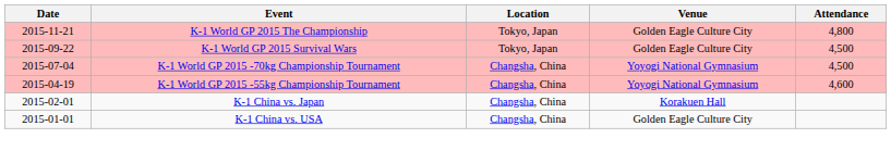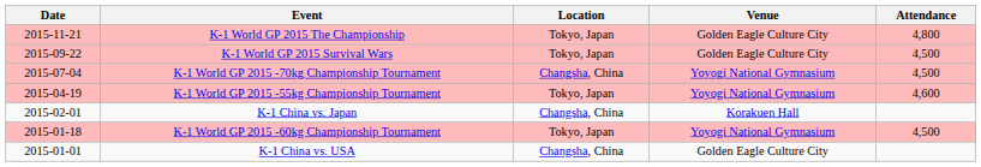 <table class="wikitable" style="width:100%; text-align:center">
 <tr>
 <th>Date</th>
 <th>Event</th>
 <th>Location</th>
 <th>Venue</th>
 <th>Attendance</th>
 </tr>
 <tr style="background:#FBB">
 <td>2015-11-21</td>
 <td><a href='#'>K-1 World GP 2015 The Championship</a></td>
 <td> Tokyo, Japan</td>
 <td>Golden Eagle Culture City</td>
 <td>4,800</td>
 </tr>
 <tr style="background:#FBB">
 <td>2015-09-22</td>
 <td><a href='#'>K-1 World GP 2015 Survival Wars</a></td>
 <td> Tokyo, Japan</td>
 <td>Golden Eagle Culture City</td>
 <td>4,500</td>
 </tr>
 <tr style="background:#FBB">
 <td>2015-07-04</td>
 <td><a href='#'>K-1 World GP 2015 -70kg Championship Tournament</a></td>
 <td> <a href='#'>Changsha</a>, China</td>
 <td><a href='#'>Yoyogi National Gymnasium</a></td>
 <td>4,500</td>
 </tr>
 <tr style="background:#FBB">
 <td>2015-04-19</td>
 <td><a href='#'>K-1 World GP 2015 -55kg Championship Tournament</a></td>
-<td> <a href='#'>Changsha</a>, China</td>
+<td> Tokyo, Japan</td>
 <td><a href='#'>Yoyogi National Gymnasium</a></td>
 <td>4,600</td>
 </tr>
 <tr style="background:">
 <td>2015-02-01</td>
 <td><a href='#'>K-1 China vs. Japan</a></td>
 <td> <a href='#'>Changsha</a>, China</td>
 <td><a href='#'>Korakuen Hall</a></td>
 <td></td>
 </tr>
+<tr style="background:#FBB">
+<td>2015-01-18</td>
+<td><a href='#'>K-1 World GP 2015 -60kg Championship Tournament</a></td>
+<td> Tokyo, Japan</td>
+<td><a href='#'>Yoyogi National Gymnasium</a></td>
+<td>4,500</td>
+</tr>
 <tr style="background:">
 <td>2015-01-01</td>
 <td><a href='#'>K-1 China vs. USA</a></td>
 <td> <a href='#'>Changsha</a>, China</td>
 <td>Golden Eagle Culture City</td>
 <td></td>
 </tr>
 </table>
